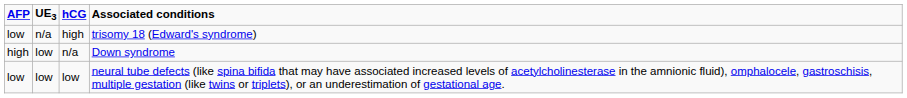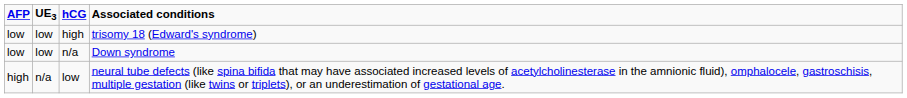 <table class="wikitable">
 <tr>
 <td><strong><a href='#'>AFP</a></strong></td>
 <td><strong>UE<sub>3</sub></strong></td>
 <td><strong><a href='#'>hCG</a></strong></td>
 <td><strong>Associated conditions</strong></td>
 </tr>
 <tr>
 <td>low</td>
-<td>n/a</td>
+<td>low</td>
 <td>high</td>
 <td><a href='#'>trisomy 18</a> (<a href='#'>Edward's syndrome</a>)</td>
 </tr>
 <tr>
-<td>high</td>
+<td>low</td>
 <td>low</td>
 <td>n/a</td>
 <td><a href='#'>Down syndrome</a></td>
 </tr>
 <tr>
-<td>low</td>
-<td>low</td>
+<td>high</td>
+<td>n/a</td>
 <td>low</td>
 <td><a href='#'>neural tube defects</a> (like <a href='#'>spina bifida</a> that may have associated increased levels of <a href='#'>acetylcholinesterase</a> in the amnionic fluid), <a href='#'>omphalocele</a>, <a href='#'>gastroschisis</a>, <a href='#'>multiple gestation</a> (like <a href='#'>twins</a> or <a href='#'>triplets</a>), or an underestimation of <a href='#'>gestational age</a>.</td>
 </tr>
 </table>
